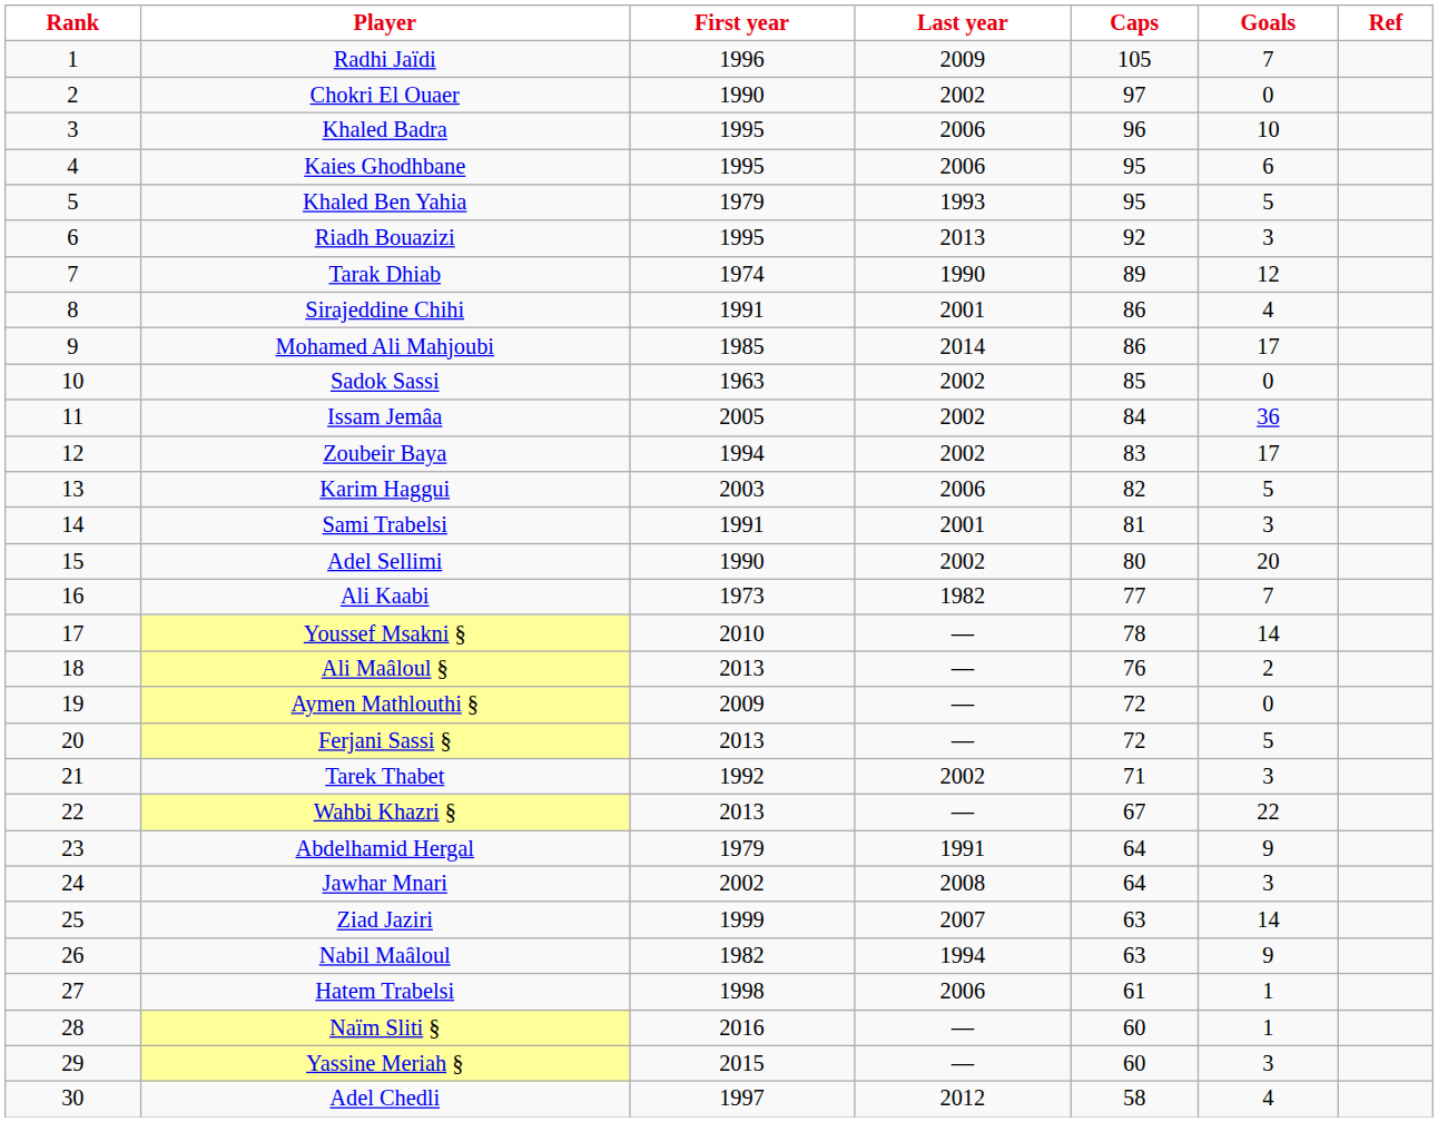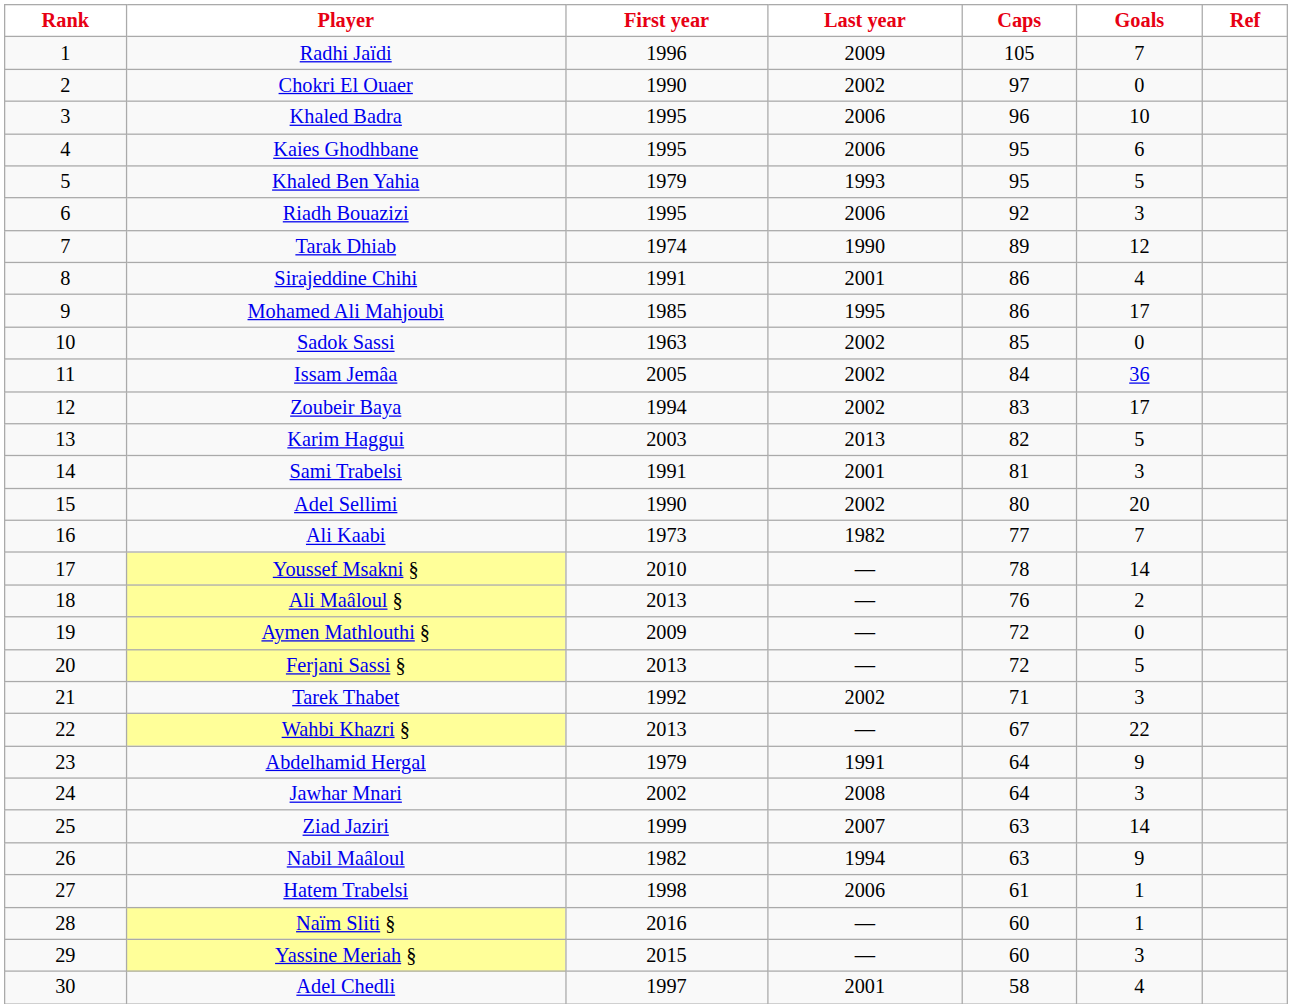 <table class="wikitable" style="text-align: center; width:80%">
 <tr>
 <th style="background:#FFFFFF; color:#E70013; ">Rank</th>
 <th style="background:#FFFFFF; color:#E70013; ">Player</th>
 <th style="background:#FFFFFF; color:#E70013; ">First year</th>
 <th style="background:#FFFFFF; color:#E70013; ">Last year</th>
 <th style="background:#FFFFFF; color:#E70013; ">Caps</th>
 <th style="background:#FFFFFF; color:#E70013; ">Goals</th>
 <th style="background:#FFFFFF; color:#E70013; ">Ref</th>
 </tr>
 <tr>
 <td>1</td>
 <td><a href='#'>Radhi Jaïdi</a></td>
 <td>1996</td>
 <td>2009</td>
 <td>105</td>
 <td>7</td>
 <td></td>
 </tr>
 <tr>
 <td>2</td>
 <td><a href='#'>Chokri El Ouaer</a></td>
 <td>1990</td>
 <td>2002</td>
 <td>97</td>
 <td>0</td>
 <td></td>
 </tr>
 <tr>
 <td>3</td>
 <td><a href='#'>Khaled Badra</a></td>
 <td>1995</td>
 <td>2006</td>
 <td>96</td>
 <td>10</td>
 <td></td>
 </tr>
 <tr>
 <td>4</td>
 <td><a href='#'>Kaies Ghodhbane</a></td>
 <td>1995</td>
 <td>2006</td>
 <td>95</td>
 <td>6</td>
 <td></td>
 </tr>
 <tr>
 <td>5</td>
 <td><a href='#'>Khaled Ben Yahia</a></td>
 <td>1979</td>
 <td>1993</td>
 <td>95</td>
 <td>5</td>
 <td></td>
 </tr>
 <tr>
 <td>6</td>
 <td><a href='#'>Riadh Bouazizi</a></td>
 <td>1995</td>
-<td>2013</td>
+<td>2006</td>
 <td>92</td>
 <td>3</td>
 <td></td>
 </tr>
 <tr>
 <td>7</td>
 <td><a href='#'>Tarak Dhiab</a></td>
 <td>1974</td>
 <td>1990</td>
 <td>89</td>
 <td>12</td>
 <td></td>
 </tr>
 <tr>
 <td>8</td>
 <td><a href='#'>Sirajeddine Chihi</a></td>
 <td>1991</td>
 <td>2001</td>
 <td>86</td>
 <td>4</td>
 <td></td>
 </tr>
 <tr>
 <td>9</td>
 <td><a href='#'>Mohamed Ali Mahjoubi</a></td>
 <td>1985</td>
-<td>2014</td>
+<td>1995</td>
 <td>86</td>
 <td>17</td>
 <td></td>
 </tr>
 <tr>
 <td>10</td>
 <td><a href='#'>Sadok Sassi</a></td>
 <td>1963</td>
 <td>2002</td>
 <td>85</td>
 <td>0</td>
 <td></td>
 </tr>
 <tr>
 <td>11</td>
 <td><a href='#'>Issam Jemâa</a></td>
 <td>2005</td>
 <td>2002</td>
 <td>84</td>
 <td><a href='#'>36</a></td>
 <td></td>
 </tr>
 <tr>
 <td>12</td>
 <td><a href='#'>Zoubeir Baya</a></td>
 <td>1994</td>
 <td>2002</td>
 <td>83</td>
 <td>17</td>
 <td></td>
 </tr>
 <tr>
 <td>13</td>
 <td><a href='#'>Karim Haggui</a></td>
 <td>2003</td>
-<td>2006</td>
+<td>2013</td>
 <td>82</td>
 <td>5</td>
 <td></td>
 </tr>
 <tr>
 <td>14</td>
 <td><a href='#'>Sami Trabelsi</a></td>
 <td>1991</td>
 <td>2001</td>
 <td>81</td>
 <td>3</td>
 <td></td>
 </tr>
 <tr>
 <td>15</td>
 <td><a href='#'>Adel Sellimi</a></td>
 <td>1990</td>
 <td>2002</td>
 <td>80</td>
 <td>20</td>
 <td></td>
 </tr>
 <tr>
 <td>16</td>
 <td><a href='#'>Ali Kaabi</a></td>
 <td>1973</td>
 <td>1982</td>
 <td>77</td>
 <td>7</td>
 <td></td>
 </tr>
 <tr>
 <td>17</td>
 <td style="background:#ff9;"><a href='#'>Youssef Msakni</a> §</td>
 <td>2010</td>
 <td>—</td>
 <td>78</td>
 <td>14</td>
 <td></td>
 </tr>
 <tr>
 <td>18</td>
 <td style="background:#ff9;"><a href='#'>Ali Maâloul</a> §</td>
 <td>2013</td>
 <td>—</td>
 <td>76</td>
 <td>2</td>
 <td></td>
 </tr>
 <tr>
 <td>19</td>
 <td style="background:#ff9;"><a href='#'>Aymen Mathlouthi</a> §</td>
 <td>2009</td>
 <td>—</td>
 <td>72</td>
 <td>0</td>
 <td></td>
 </tr>
 <tr>
 <td>20</td>
 <td style="background:#ff9;"><a href='#'>Ferjani Sassi</a> §</td>
 <td>2013</td>
 <td>—</td>
 <td>72</td>
 <td>5</td>
 <td></td>
 </tr>
 <tr>
 <td>21</td>
 <td><a href='#'>Tarek Thabet</a></td>
 <td>1992</td>
 <td>2002</td>
 <td>71</td>
 <td>3</td>
 <td></td>
 </tr>
 <tr>
 <td>22</td>
 <td style="background:#ff9;"><a href='#'>Wahbi Khazri</a> §</td>
 <td>2013</td>
 <td>—</td>
 <td>67</td>
 <td>22</td>
 <td></td>
 </tr>
 <tr>
 <td>23</td>
 <td><a href='#'>Abdelhamid Hergal</a></td>
 <td>1979</td>
 <td>1991</td>
 <td>64</td>
 <td>9</td>
 <td></td>
 </tr>
 <tr>
 <td>24</td>
 <td><a href='#'>Jawhar Mnari</a></td>
 <td>2002</td>
 <td>2008</td>
 <td>64</td>
 <td>3</td>
 <td></td>
 </tr>
 <tr>
 <td>25</td>
 <td><a href='#'>Ziad Jaziri</a></td>
 <td>1999</td>
 <td>2007</td>
 <td>63</td>
 <td>14</td>
 <td></td>
 </tr>
 <tr>
 <td>26</td>
 <td><a href='#'>Nabil Maâloul</a></td>
 <td>1982</td>
 <td>1994</td>
 <td>63</td>
 <td>9</td>
 <td></td>
 </tr>
 <tr>
 <td>27</td>
 <td><a href='#'>Hatem Trabelsi</a></td>
 <td>1998</td>
 <td>2006</td>
 <td>61</td>
 <td>1</td>
 <td></td>
 </tr>
 <tr>
 <td>28</td>
 <td style="background:#ff9;"><a href='#'>Naïm Sliti</a> §</td>
 <td>2016</td>
 <td>—</td>
 <td>60</td>
 <td>1</td>
 <td></td>
 </tr>
 <tr>
 <td>29</td>
 <td style="background:#ff9;"><a href='#'>Yassine Meriah</a> §</td>
 <td>2015</td>
 <td>—</td>
 <td>60</td>
 <td>3</td>
 <td></td>
 </tr>
 <tr>
 <td>30</td>
 <td><a href='#'>Adel Chedli</a></td>
 <td>1997</td>
-<td>2012</td>
+<td>2001</td>
 <td>58</td>
 <td>4</td>
 <td></td>
 </tr>
 </table>
